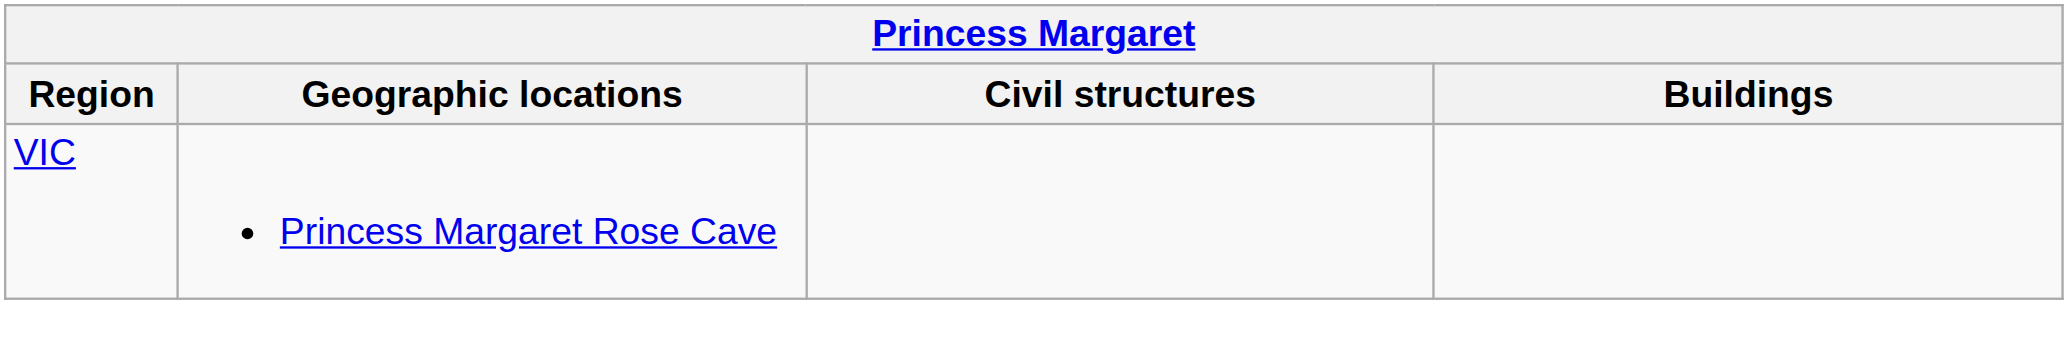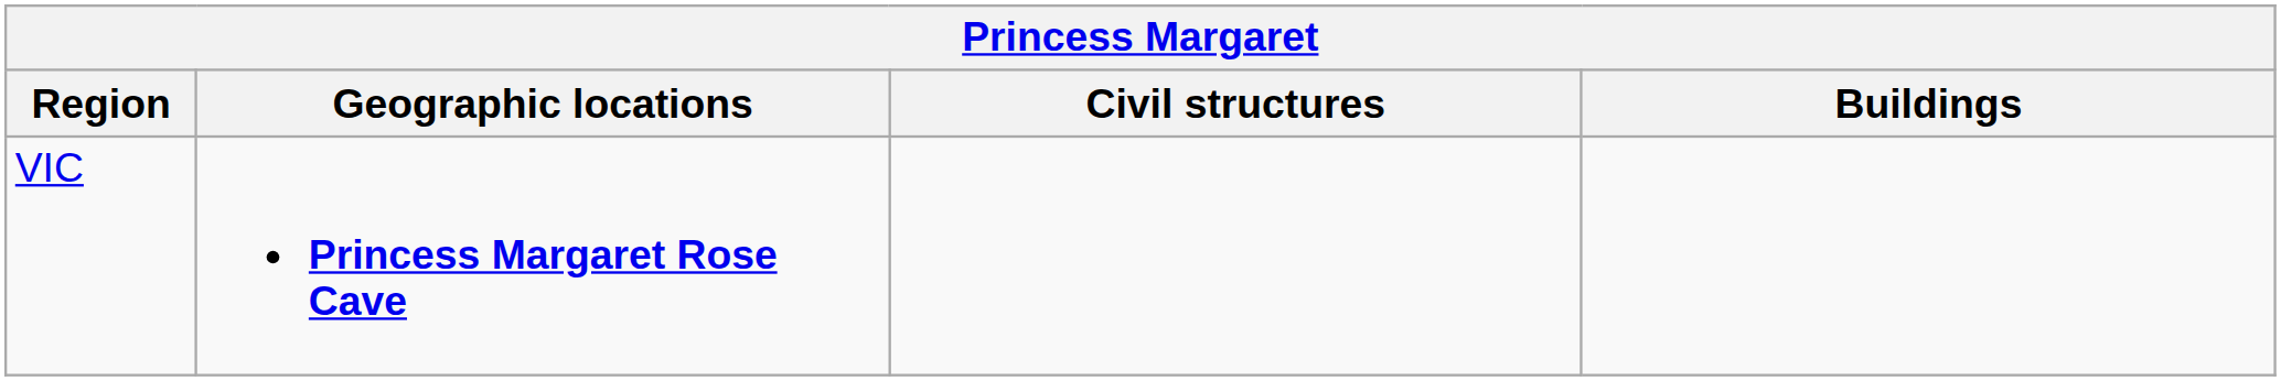 <table class="wikitable" width="100%">
 <tr>
 <th colspan="4"> <a href='#'>Princess Margaret</a></th>
 </tr>
 <tr>
 <th width="5%">Region</th>
 <th width="23.75%">Geographic locations</th>
 <th width="23.75%">Civil structures</th>
 <th width="23.75%">Buildings</th>
 </tr>
 <tr>
 <td align=left valign=top> <a href='#'>VIC</a></td>
-<td><br><ul><li><a href='#'>Princess Margaret Rose Cave</a></li></ul></td>
+<td><strong><br><ul><li><a href='#'>Princess Margaret Rose Cave</a></li></ul></strong></td>
 <td></td>
 <td></td>
 </tr>
 </table>
